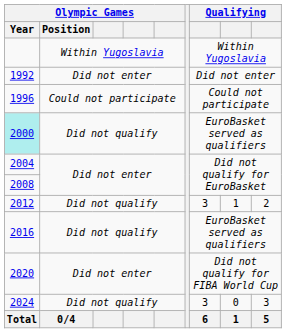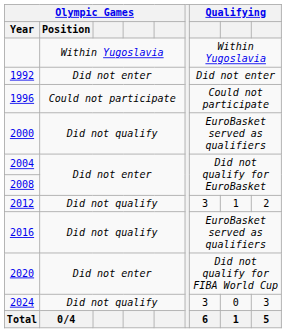 <table class="wikitable" style="text-align: center;font-size:90%;">
 <tr>
 <th colspan=5><a href='#'>Olympic Games</a></th>
 <th rowspan=13></th>
 <th colspan=3><a href='#'>Qualifying</a></th>
 </tr>
 <tr>
 <th>Year</th>
 <th>Position</th>
 <th width=30></th>
 <th width=30></th>
 <th width=30></th>
 <th width=30></th>
 <th width=30></th>
 <th width=30></th>
 </tr>
 <tr>
 <td></td>
 <td colspan=4><em>Within <a href='#'>Yugoslavia</a></em></td>
 <td colspan=3><em>Within <a href='#'>Yugoslavia</a></em></td>
 </tr>
 <tr>
 <td> <a href='#'>1992</a></td>
 <td colspan=4><em>Did not enter</em></td>
 <td colspan=3><em>Did not enter</em></td>
 </tr>
 <tr>
 <td> <a href='#'>1996</a></td>
 <td colspan=4><em>Could not participate</em></td>
 <td colspan=3><em>Could not participate</em></td>
 </tr>
 <tr>
-<td style="background: paleturquoise;"> <a href='#'>2000</a></td>
+<td> <a href='#'>2000</a></td>
 <td colspan=4><em>Did not qualify</em></td>
 <td colspan=3><em>EuroBasket served as qualifiers</em></td>
 </tr>
 <tr>
 <td> <a href='#'>2004</a></td>
 <td colspan=4 rowspan=2><em>Did not enter</em></td>
 <td colspan=3 rowspan=2><em>Did not qualify for EuroBasket</em></td>
 </tr>
 <tr>
 <td> <a href='#'>2008</a></td>
 </tr>
 <tr>
 <td> <a href='#'>2012</a></td>
 <td colspan=4><em>Did not qualify</em></td>
 <td>3</td>
 <td>1</td>
 <td>2</td>
 </tr>
 <tr>
 <td> <a href='#'>2016</a></td>
 <td colspan=4><em>Did not qualify</em></td>
 <td colspan=3><em>EuroBasket served as qualifiers</em></td>
 </tr>
 <tr>
 <td> <a href='#'>2020</a></td>
 <td colspan=4><em>Did not enter</em></td>
 <td colspan=3><em>Did not qualify for FIBA World Cup</em></td>
 </tr>
 <tr>
 <td> <a href='#'>2024</a></td>
 <td colspan=4><em>Did not qualify</em></td>
 <td>3</td>
 <td>0</td>
 <td>3</td>
 </tr>
 <tr>
 <th>Total</th>
 <th>0/4</th>
 <th></th>
 <th></th>
 <th></th>
 <th>6</th>
 <th>1</th>
 <th>5</th>
 </tr>
 </table>
